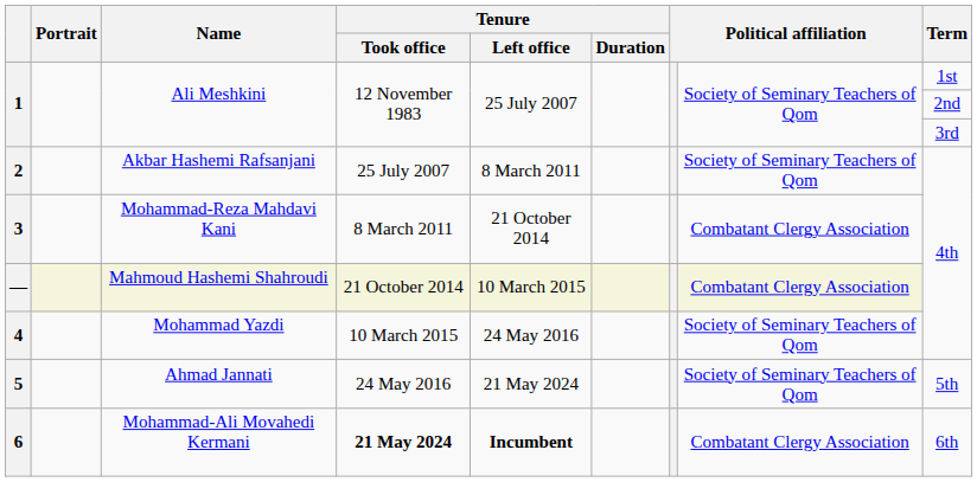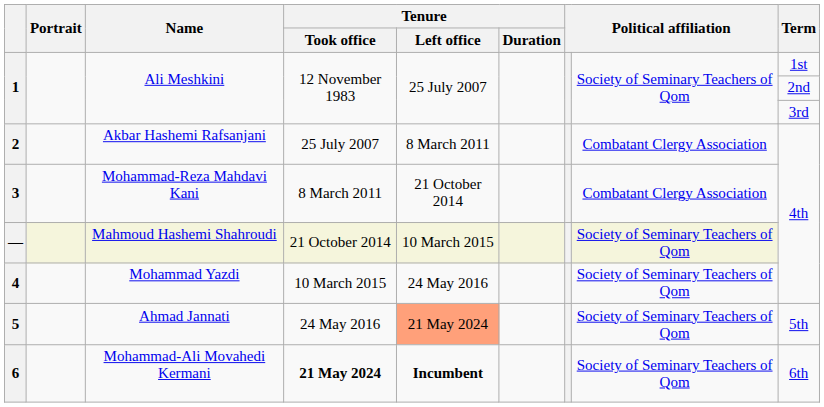 <table class="wikitable" style="text-align:center">
 <tr>
 <th rowspan=2></th>
 <th rowspan=2>Portrait</th>
 <th rowspan=2>Name<br></th>
 <th colspan=3>Tenure</th>
 <th rowspan=2 colspan=2>Political affiliation</th>
 <th rowspan=2>Term</th>
 </tr>
 <tr>
 <th>Took office</th>
 <th>Left office</th>
 <th>Duration</th>
 </tr>
 <tr>
 <th rowspan=4>1</th>
 <td rowspan=4></td>
 <td rowspan=4><a href='#'>Ali Meshkini</a><br><br></td>
 <td rowspan=4>12 November 1983</td>
 <td rowspan=4>25 July 2007</td>
 <td rowspan=4></td>
 <th rowspan=4 style="background:"></th>
 <td rowspan=4><a href='#'>Society of Seminary Teachers of Qom</a></td>
 <td><a href='#'>1st</a></td>
 </tr>
 <tr>
 <td><a href='#'>2nd</a></td>
 </tr>
 <tr>
 <td><a href='#'>3rd</a></td>
 </tr>
 <tr>
 <td rowspan=5><a href='#'>4th</a></td>
 </tr>
 <tr>
 <th>2</th>
 <td></td>
 <td><a href='#'>Akbar Hashemi Rafsanjani</a><br><br></td>
 <td>25 July 2007</td>
 <td>8 March 2011</td>
 <td></td>
 <th style="background:"></th>
-<td><a href='#'>Society of Seminary Teachers of Qom</a></td>
+<td><a href='#'>Combatant Clergy Association</a></td>
 </tr>
 <tr>
 <th>3</th>
 <td></td>
 <td><a href='#'>Mohammad-Reza Mahdavi Kani</a><br><br></td>
 <td>8 March 2011</td>
 <td>21 October 2014<br></td>
 <td></td>
 <th style="background:"></th>
 <td><a href='#'>Combatant Clergy Association</a></td>
 </tr>
 <tr style="background:#F5F5DC">
 <th>—</th>
 <td></td>
 <td><a href='#'>Mahmoud Hashemi Shahroudi</a><br><br></td>
 <td>21 October 2014</td>
 <td>10 March 2015</td>
 <td></td>
 <th style="background:"></th>
-<td><a href='#'>Combatant Clergy Association</a></td>
+<td><a href='#'>Society of Seminary Teachers of Qom</a></td>
 </tr>
 <tr>
 <th>4</th>
 <td></td>
 <td><a href='#'>Mohammad Yazdi</a><br><br></td>
 <td>10 March 2015</td>
 <td>24 May 2016</td>
 <td></td>
 <th style="background:"></th>
 <td><a href='#'>Society of Seminary Teachers of Qom</a></td>
 </tr>
 <tr>
 <th>5</th>
 <td></td>
 <td><a href='#'>Ahmad Jannati</a><br><br></td>
 <td>24 May 2016</td>
-<td>21 May 2024</td>
+<td style="background: lightsalmon;">21 May 2024</td>
 <td></td>
 <th style="background:"></th>
 <td><a href='#'>Society of Seminary Teachers of Qom</a></td>
 <td><a href='#'>5th</a></td>
 </tr>
 <tr>
 <th>6</th>
 <td></td>
 <td><a href='#'>Mohammad-Ali Movahedi Kermani</a><br><br></td>
 <td><strong>21 May 2024</strong></td>
 <td><strong>Incumbent</strong></td>
 <td></td>
 <th style="background:"></th>
-<td><a href='#'>Combatant Clergy Association</a></td>
+<td><a href='#'>Society of Seminary Teachers of Qom</a></td>
 <td><a href='#'>6th</a></td>
 </tr>
 </table>
